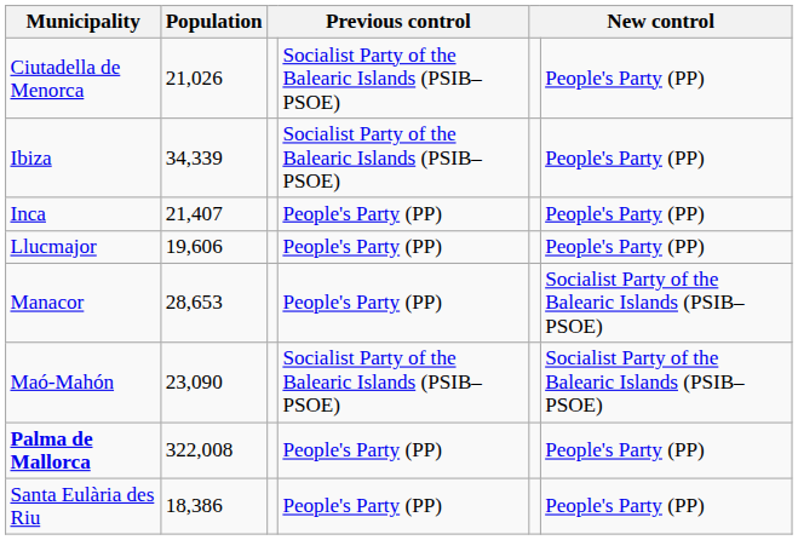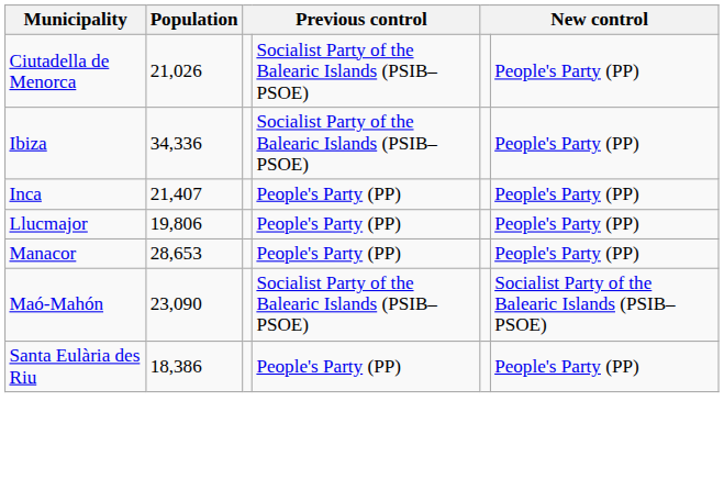 <table class="wikitable sortable">
 <tr>
 <th>Municipality</th>
 <th>Population</th>
 <th colspan="2" style="width:375px;">Previous control</th>
 <th colspan="2" style="width:375px;">New control</th>
 </tr>
 <tr>
 <td><a href='#'>Ciutadella de Menorca</a></td>
 <td>21,026</td>
 <td width="1" style="color:inherit;background:"></td>
 <td><a href='#'>Socialist Party of the Balearic Islands</a> (PSIB–PSOE)</td>
 <td width="1" style="color:inherit;background:"></td>
 <td><a href='#'>People's Party</a> (PP)</td>
 </tr>
 <tr>
 <td><a href='#'>Ibiza</a></td>
-<td>34,339</td>
+<td>34,336</td>
 <td style="color:inherit;background:"></td>
 <td><a href='#'>Socialist Party of the Balearic Islands</a> (PSIB–PSOE)</td>
 <td style="color:inherit;background:"></td>
 <td><a href='#'>People's Party</a> (PP)</td>
 </tr>
 <tr>
 <td><a href='#'>Inca</a></td>
 <td>21,407</td>
 <td style="color:inherit;background:"></td>
 <td><a href='#'>People's Party</a> (PP)</td>
 <td style="color:inherit;background:"></td>
 <td><a href='#'>People's Party</a> (PP)</td>
 </tr>
 <tr>
 <td><a href='#'>Llucmajor</a></td>
-<td>19,606</td>
+<td>19,806</td>
 <td style="color:inherit;background:"></td>
 <td><a href='#'>People's Party</a> (PP)</td>
 <td style="color:inherit;background:"></td>
 <td><a href='#'>People's Party</a> (PP)</td>
 </tr>
 <tr>
 <td><a href='#'>Manacor</a></td>
 <td>28,653</td>
 <td style="color:inherit;background:"></td>
 <td><a href='#'>People's Party</a> (PP)</td>
 <td style="color:inherit;background:"></td>
-<td><a href='#'>Socialist Party of the Balearic Islands</a> (PSIB–PSOE)</td>
+<td><a href='#'>People's Party</a> (PP)</td>
 </tr>
 <tr>
 <td><a href='#'>Maó-Mahón</a></td>
 <td>23,090</td>
 <td style="color:inherit;background:"></td>
 <td><a href='#'>Socialist Party of the Balearic Islands</a> (PSIB–PSOE)</td>
 <td style="color:inherit;background:"></td>
 <td><a href='#'>Socialist Party of the Balearic Islands</a> (PSIB–PSOE)</td>
 </tr>
 <tr>
-<td><strong><a href='#'>Palma de Mallorca</a></strong></td>
-<td>322,008</td>
-<td style="color:inherit;background:"></td>
-<td><a href='#'>People's Party</a> (PP)</td>
-<td style="color:inherit;background:"></td>
-<td><a href='#'>People's Party</a> (PP)</td>
-</tr>
-<tr>
 <td><a href='#'>Santa Eulària des Riu</a></td>
 <td>18,386</td>
 <td style="color:inherit;background:"></td>
 <td><a href='#'>People's Party</a> (PP)</td>
 <td style="color:inherit;background:"></td>
 <td><a href='#'>People's Party</a> (PP)</td>
 </tr>
 </table>
